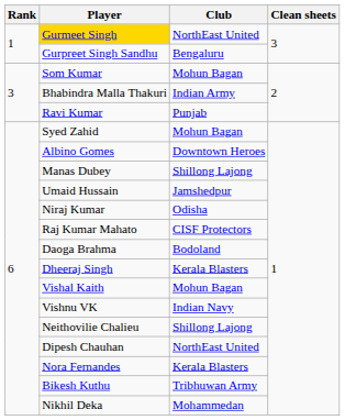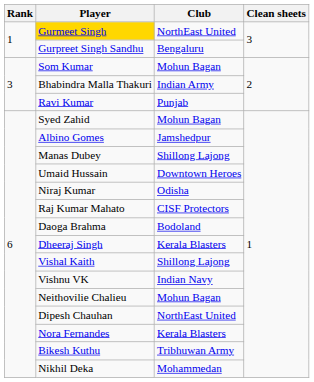 <table class="wikitable sortable">
 <tr>
 <th>Rank</th>
 <th>Player</th>
 <th>Club</th>
 <th>Clean sheets</th>
 </tr>
 <tr>
 <td rowspan="2">1</td>
 <td bgcolor="gold"> <a href='#'>Gurmeet Singh</a> </td>
 <td><a href='#'>NorthEast United</a></td>
 <td rowspan="2">3</td>
 </tr>
 <tr>
 <td> <a href='#'>Gurpreet Singh Sandhu</a></td>
 <td><a href='#'>Bengaluru</a></td>
 </tr>
 <tr>
 <td rowspan="3">3</td>
 <td> <a href='#'>Som Kumar</a></td>
 <td><a href='#'>Mohun Bagan</a></td>
 <td rowspan="3">2</td>
 </tr>
 <tr>
 <td> Bhabindra Malla Thakuri</td>
 <td><a href='#'>Indian Army</a></td>
 </tr>
 <tr>
 <td> <a href='#'>Ravi Kumar</a></td>
 <td><a href='#'>Punjab</a></td>
 </tr>
 <tr>
 <td rowspan="16">6</td>
 <td> Syed Zahid</td>
 <td><a href='#'>Mohun Bagan</a></td>
 <td rowspan="16">1</td>
 </tr>
 <tr>
 <td> <a href='#'>Albino Gomes</a></td>
-<td><a href='#'>Downtown Heroes</a></td>
+<td><a href='#'>Jamshedpur</a></td>
 </tr>
 <tr>
 <td> Manas Dubey</td>
 <td><a href='#'>Shillong Lajong</a></td>
 </tr>
 <tr>
 <td> Umaid Hussain</td>
-<td><a href='#'>Jamshedpur</a></td>
+<td><a href='#'>Downtown Heroes</a></td>
 </tr>
 <tr>
 <td> Niraj Kumar</td>
 <td><a href='#'>Odisha</a></td>
 </tr>
 <tr>
 <td> Raj Kumar Mahato</td>
 <td><a href='#'>CISF Protectors</a></td>
 </tr>
 <tr>
 <td> Daoga Brahma</td>
 <td><a href='#'>Bodoland</a></td>
 </tr>
 <tr>
 <td> <a href='#'>Dheeraj Singh</a></td>
 <td><a href='#'>Kerala Blasters</a></td>
 </tr>
 <tr>
 <td> <a href='#'>Vishal Kaith</a></td>
-<td><a href='#'>Mohun Bagan</a></td>
+<td><a href='#'>Shillong Lajong</a></td>
 </tr>
 <tr>
 <td> Vishnu VK</td>
 <td><a href='#'>Indian Navy</a></td>
 </tr>
 <tr>
 <td> Neithovilie Chalieu</td>
-<td><a href='#'>Shillong Lajong</a></td>
+<td><a href='#'>Mohun Bagan</a></td>
 </tr>
 <tr>
 <td> Dipesh Chauhan</td>
 <td><a href='#'>NorthEast United</a></td>
 </tr>
 <tr>
 <td> <a href='#'>Nora Fernandes</a></td>
 <td><a href='#'>Kerala Blasters</a></td>
 </tr>
 <tr>
 <td> <a href='#'>Bikesh Kuthu</a></td>
 <td><a href='#'>Tribhuwan Army</a></td>
 </tr>
 <tr>
 <td> Nikhil Deka</td>
 <td><a href='#'>Mohammedan</a></td>
 </tr>
 </table>
